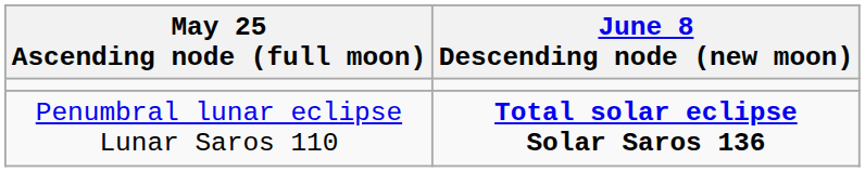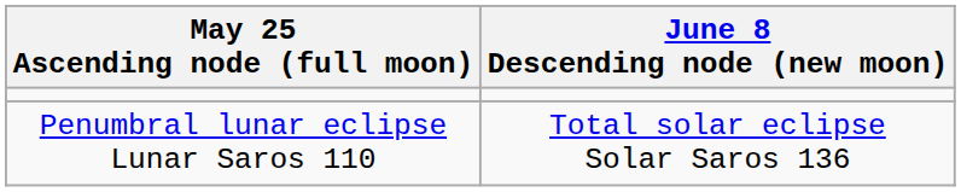 <table class="wikitable">
 <tr>
 <th>May 25<br>Ascending node (full moon)</th>
 <th><a href='#'>June 8</a><br>Descending node (new moon)</th>
 </tr>
 <tr>
 <td></td>
 <td></td>
 </tr>
 <tr align=center>
 <td><a href='#'>Penumbral lunar eclipse</a><br>Lunar Saros 110</td>
-<td><strong><a href='#'>Total solar eclipse</a><br>Solar Saros 136</strong></td>
+<td><a href='#'>Total solar eclipse</a><br>Solar Saros 136</td>
 </tr>
 </table>
